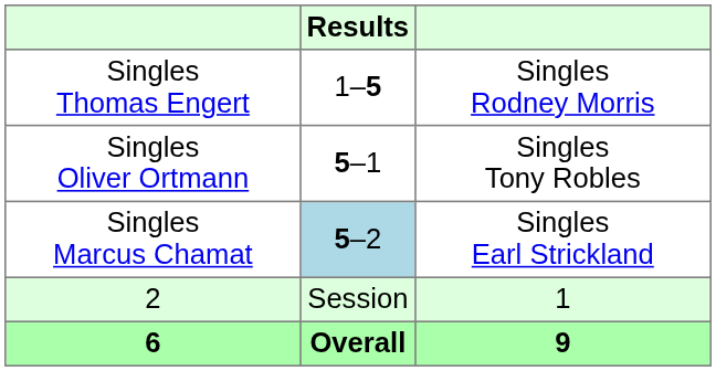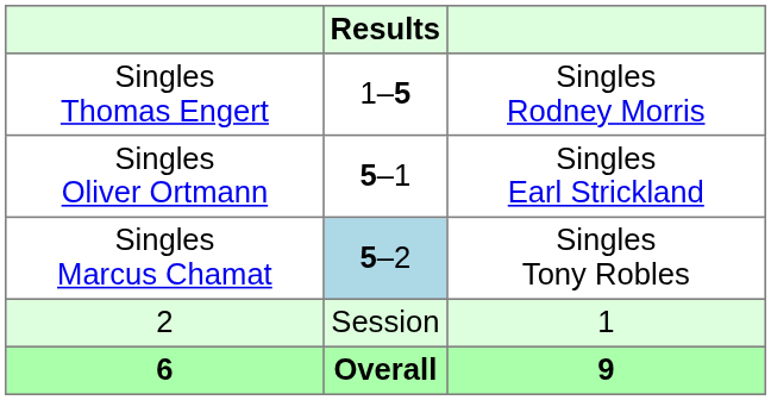 <table border="1" cellpadding="3" style="border-collapse: collapse;">
 <tr bgcolor="#ddffdd">
 <th width="160"></th>
 <th>Results</th>
 <th width="160"></th>
 </tr>
 <tr>
 <td align="center">Singles<br><a href='#'>Thomas Engert</a></td>
 <td align="center">1–<strong>5</strong></td>
 <td align="center">Singles<br><a href='#'>Rodney Morris</a></td>
 </tr>
 <tr>
 <td align="center">Singles<br><a href='#'>Oliver Ortmann</a></td>
 <td align="center"><strong>5</strong>–1</td>
-<td align="center">Singles<br>Tony Robles</td>
+<td align="center">Singles<br><a href='#'>Earl Strickland</a></td>
 </tr>
 <tr>
 <td align="center">Singles<br><a href='#'>Marcus Chamat</a></td>
 <td align="center" style="background: lightblue;"><strong>5</strong>–2</td>
-<td align="center">Singles<br><a href='#'>Earl Strickland</a></td>
+<td align="center">Singles<br>Tony Robles</td>
 </tr>
 <tr bgcolor="#ddffdd">
 <td align="center">2</td>
 <td align="center">Session</td>
 <td align="center">1</td>
 </tr>
 <tr bgcolor="#aaffaa">
 <th align="center">6</th>
 <th align="center">Overall</th>
 <th align="center">9</th>
 </tr>
 </table>
